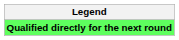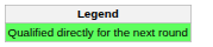 <table class="wikitable">
 <tr>
 <th>Legend</th>
 </tr>
 <tr bgcolor=#5eff5e>
-<td><strong>Qualified directly for the next round</strong></td>
+<td>Qualified directly for the next round</td>
 </tr>
 </table>
